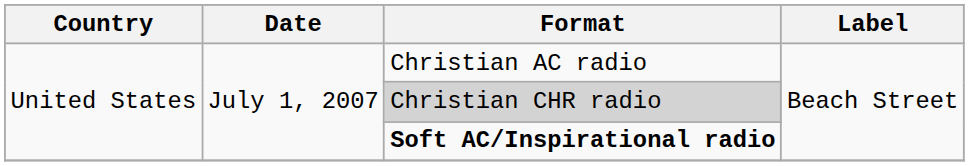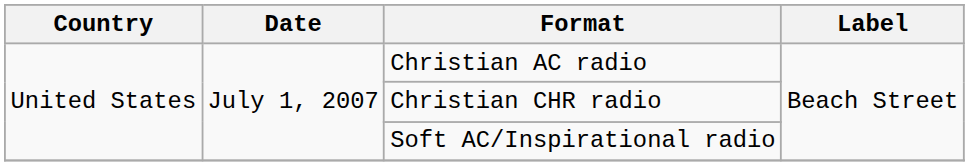 <table class="wikitable plainrowheaders">
 <tr>
 <th scope="col">Country</th>
 <th scope="col">Date</th>
 <th scope="col">Format</th>
 <th scope="col">Label</th>
 </tr>
 <tr>
 <td rowspan="3">United States</td>
 <td rowspan="3">July 1, 2007</td>
 <td>Christian AC radio</td>
 <td rowspan="3">Beach Street</td>
 </tr>
 <tr>
-<td style="background: lightgrey;">Christian CHR radio</td>
+<td>Christian CHR radio</td>
 </tr>
 <tr>
-<td><strong>Soft AC/Inspirational radio</strong></td>
+<td>Soft AC/Inspirational radio</td>
 </tr>
 <tr>
 </tr>
 </table>
